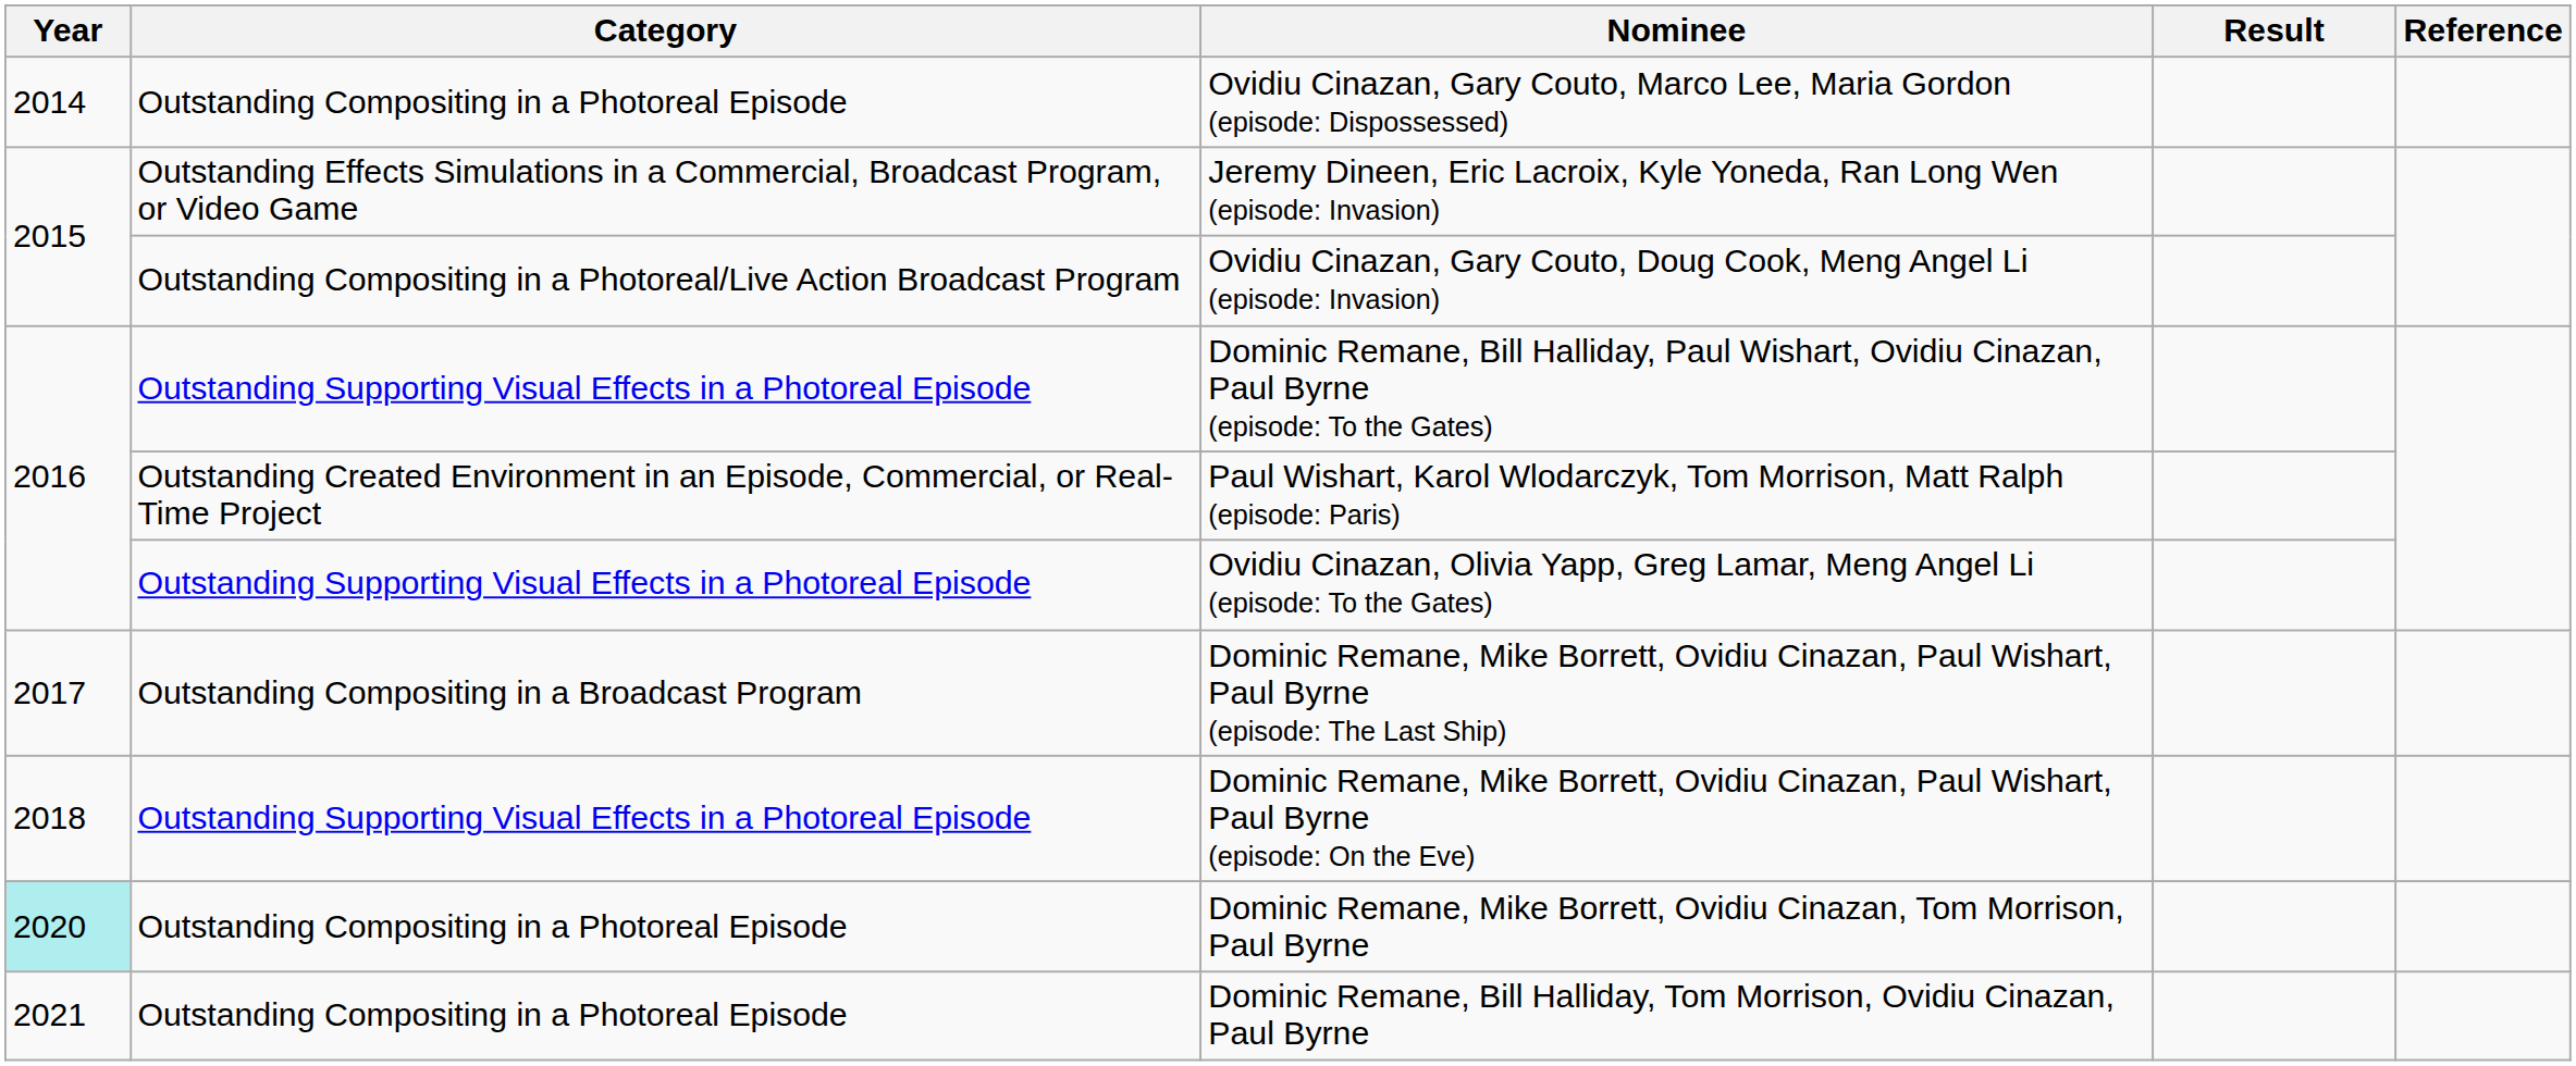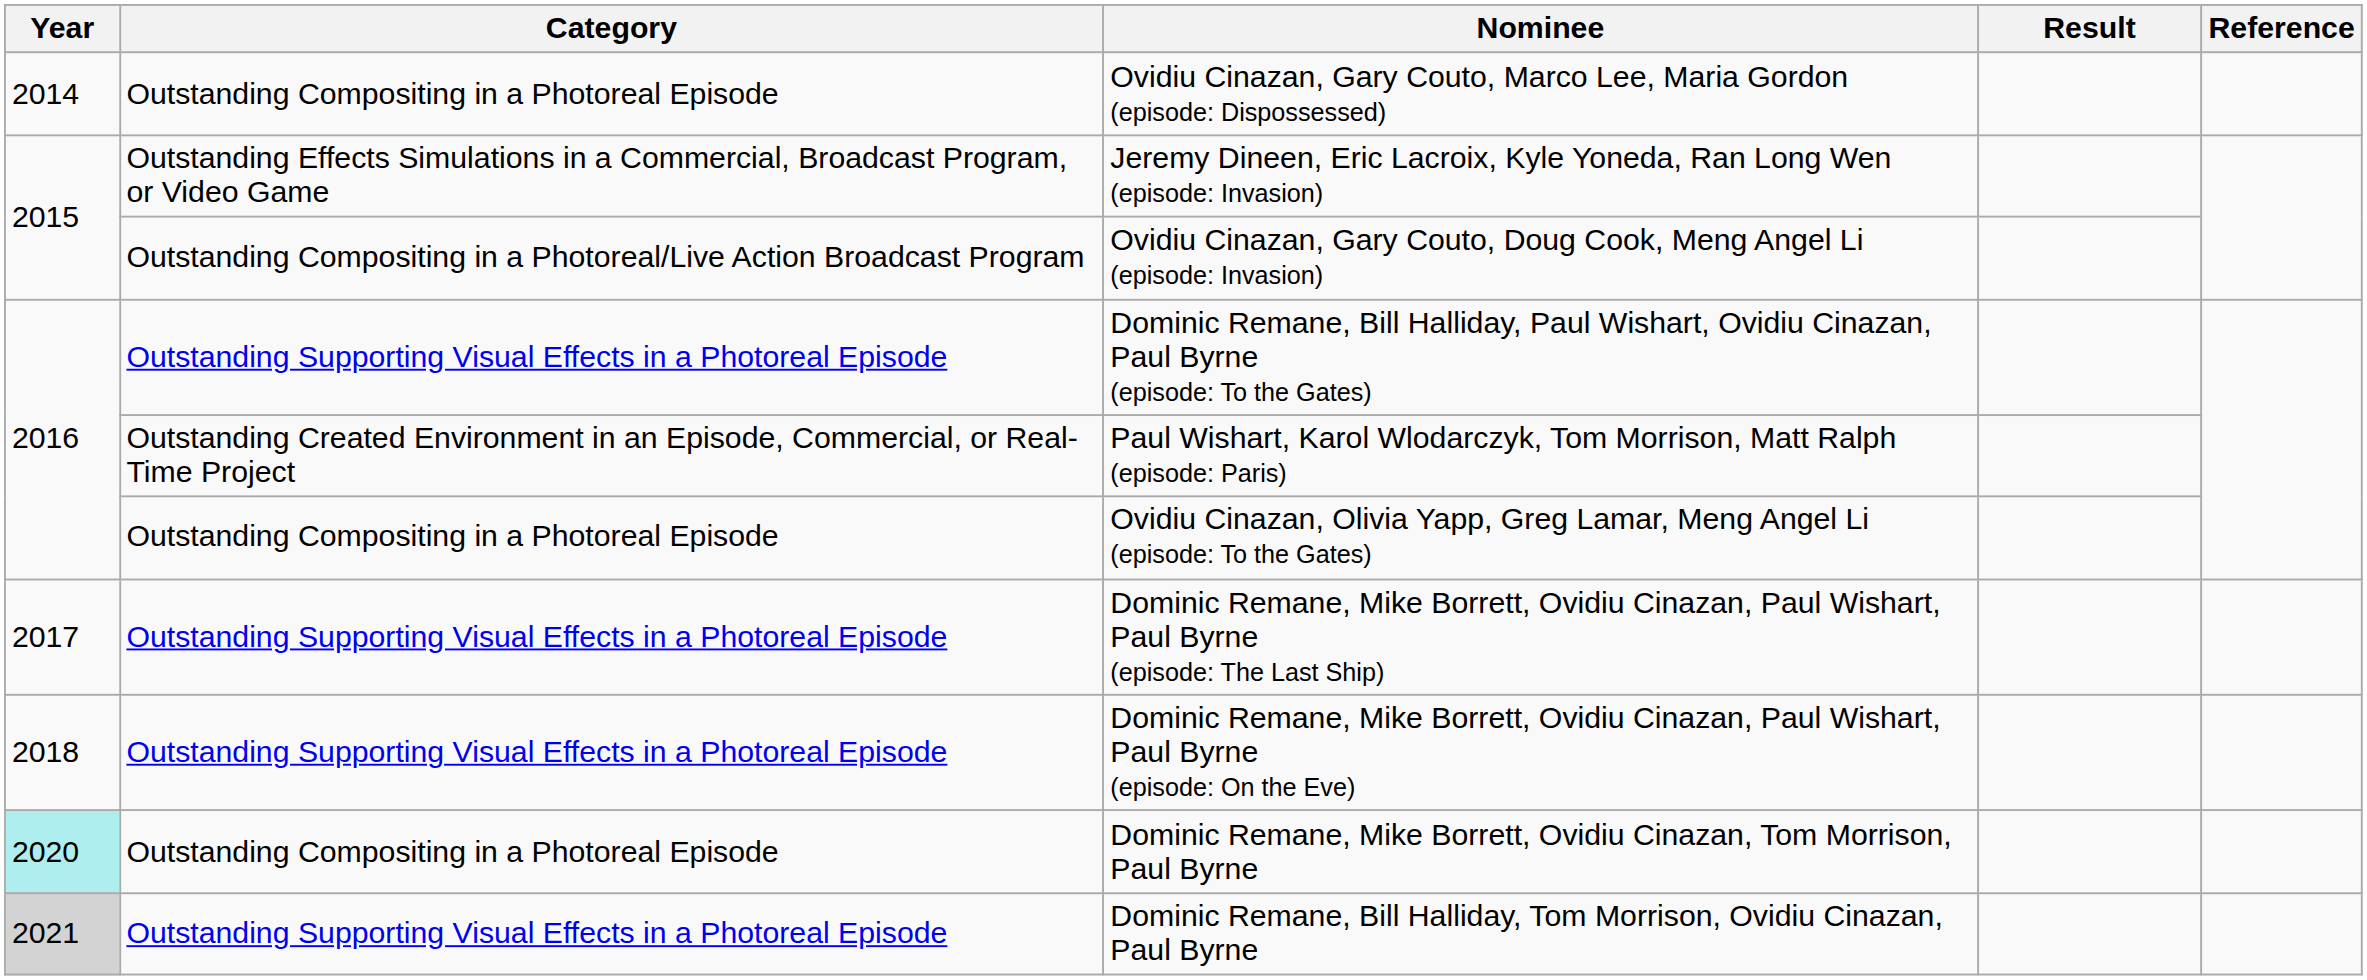 <table class="wikitable">
 <tr>
 <th width=5%>Year</th>
 <th width=45%>Category</th>
 <th width=40%>Nominee</th>
 <th width=10%>Result</th>
 <th width=5%>Reference</th>
 </tr>
 <tr>
 <td>2014</td>
 <td>Outstanding Compositing in a Photoreal Episode</td>
 <td>Ovidiu Cinazan, Gary Couto, Marco Lee, Maria Gordon<br><small>(episode: Dispossessed)</small></td>
 <td></td>
 <td></td>
 </tr>
 <tr>
 <td rowspan="2">2015</td>
 <td>Outstanding Effects Simulations in a Commercial, Broadcast Program, or Video Game</td>
 <td>Jeremy Dineen, Eric Lacroix, Kyle Yoneda, Ran Long Wen<br><small>(episode: Invasion)</small></td>
 <td></td>
 <td rowspan="2"></td>
 </tr>
 <tr>
 <td>Outstanding Compositing in a Photoreal/Live Action Broadcast Program</td>
 <td>Ovidiu Cinazan, Gary Couto, Doug Cook, Meng Angel Li<br><small>(episode: Invasion)</small></td>
 <td></td>
 </tr>
 <tr>
 <td rowspan="3">2016</td>
 <td><a href='#'>Outstanding Supporting Visual Effects in a Photoreal Episode</a></td>
 <td>Dominic Remane, Bill Halliday, Paul Wishart, Ovidiu Cinazan, Paul Byrne<br><small>(episode: To the Gates)</small></td>
 <td></td>
 <td rowspan="3"></td>
 </tr>
 <tr>
 <td>Outstanding Created Environment in an Episode, Commercial, or Real-Time Project</td>
 <td>Paul Wishart, Karol Wlodarczyk, Tom Morrison, Matt Ralph<br><small>(episode: Paris)</small></td>
 <td></td>
 </tr>
 <tr>
-<td><a href='#'>Outstanding Supporting Visual Effects in a Photoreal Episode</a></td>
+<td>Outstanding Compositing in a Photoreal Episode</td>
 <td>Ovidiu Cinazan, Olivia Yapp, Greg Lamar, Meng Angel Li<br><small>(episode: To the Gates)</small></td>
 <td></td>
 </tr>
 <tr>
 <td>2017</td>
-<td>Outstanding Compositing in a Broadcast Program</td>
+<td><a href='#'>Outstanding Supporting Visual Effects in a Photoreal Episode</a></td>
 <td>Dominic Remane, Mike Borrett, Ovidiu Cinazan, Paul Wishart, Paul Byrne<br><small>(episode: The Last Ship)</small></td>
 <td></td>
 <td></td>
 </tr>
 <tr>
 <td>2018</td>
 <td><a href='#'>Outstanding Supporting Visual Effects in a Photoreal Episode</a></td>
 <td>Dominic Remane, Mike Borrett, Ovidiu Cinazan, Paul Wishart, Paul Byrne<br><small>(episode: On the Eve)</small></td>
 <td></td>
 <td></td>
 </tr>
 <tr>
 <td style="background: paleturquoise;">2020</td>
 <td>Outstanding Compositing in a Photoreal Episode</td>
 <td>Dominic Remane, Mike Borrett, Ovidiu Cinazan, Tom Morrison, Paul Byrne </td>
 <td></td>
 <td></td>
 </tr>
 <tr>
-<td>2021</td>
-<td>Outstanding Compositing in a Photoreal Episode</td>
+<td style="background: lightgrey;">2021</td>
+<td><a href='#'>Outstanding Supporting Visual Effects in a Photoreal Episode</a></td>
 <td>Dominic Remane, Bill Halliday, Tom Morrison, Ovidiu Cinazan, Paul Byrne </td>
 <td></td>
 <td rowspan="2" style="text-align:center;"></td>
 </tr>
 </table>
